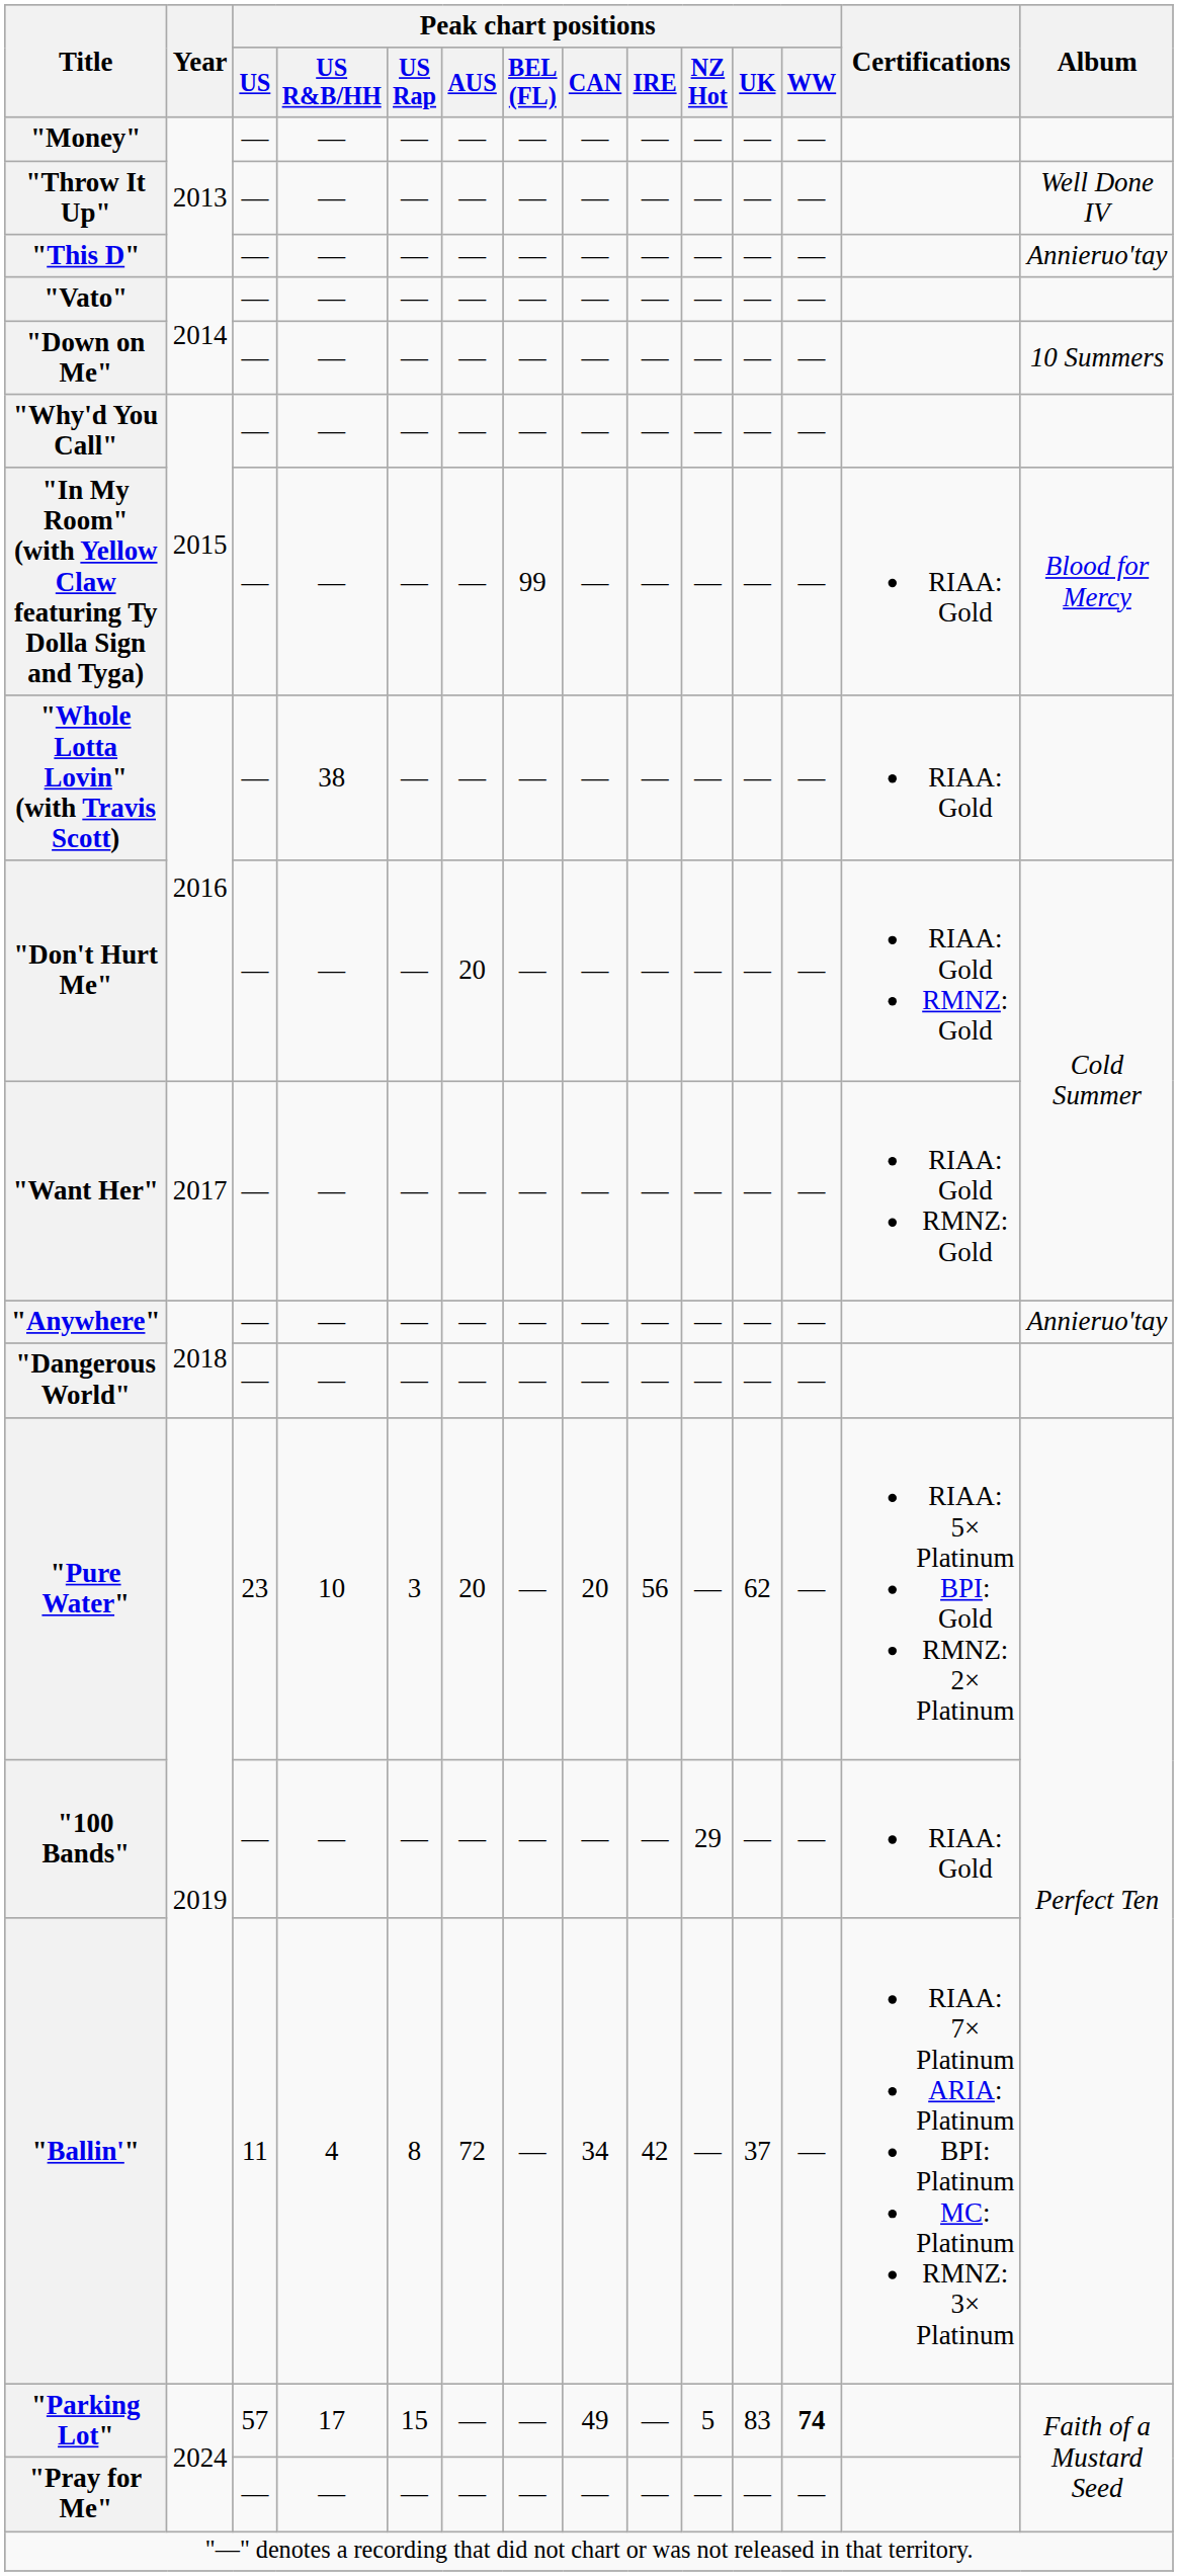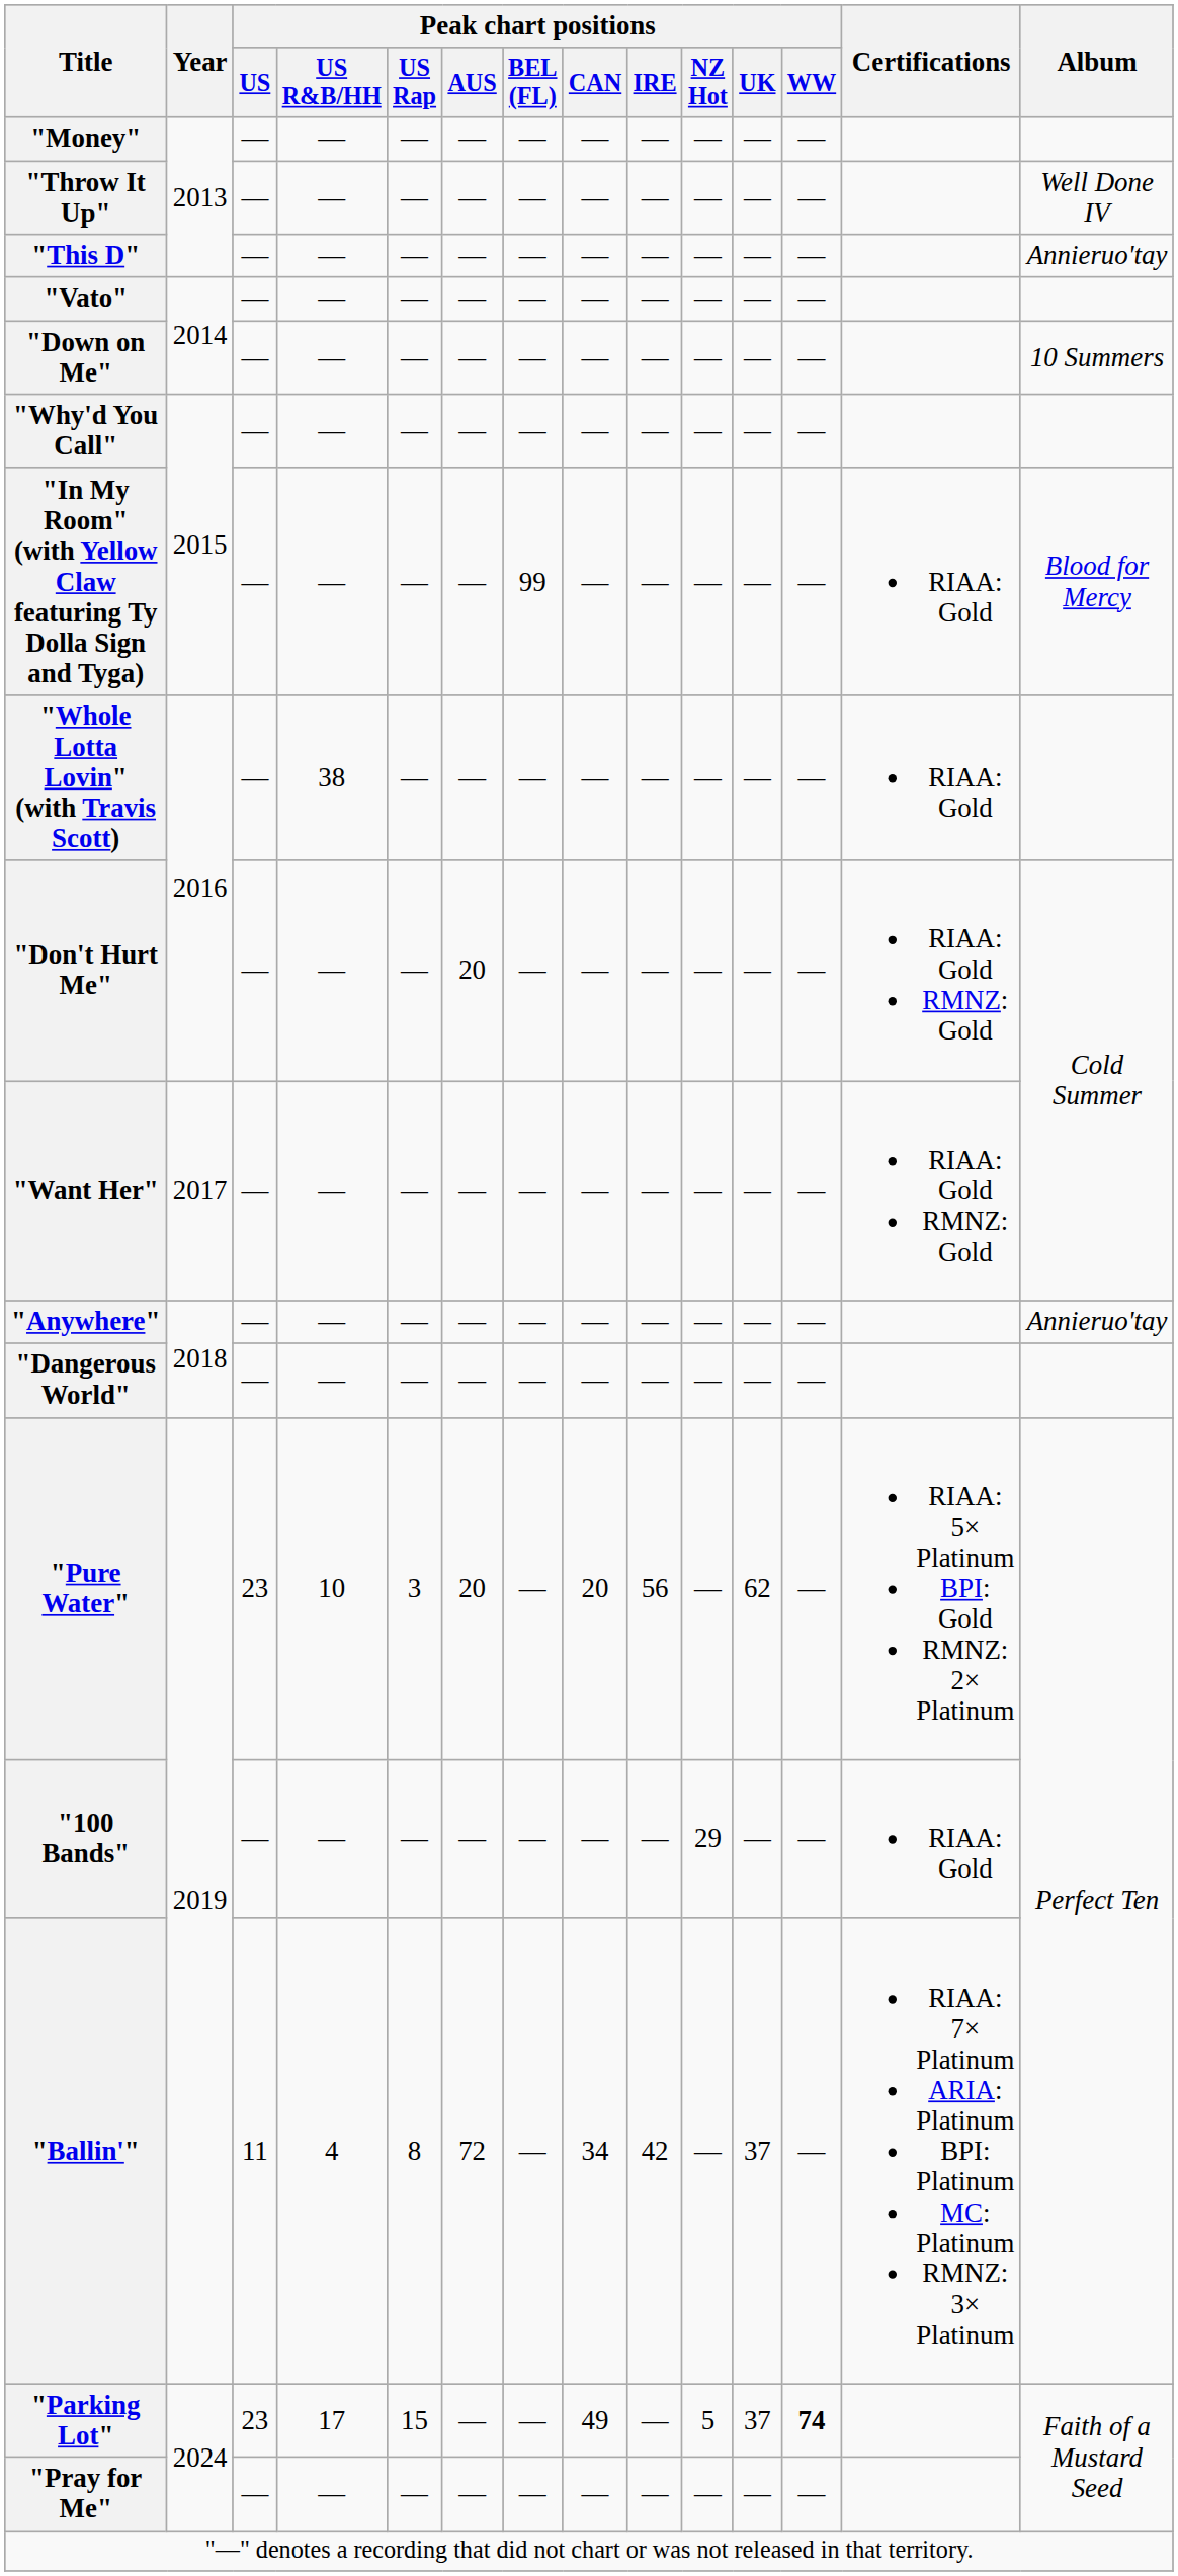 <table class="wikitable plainrowheaders" style="text-align:center;">
 <tr>
 <th scope="col" rowspan="2" style="width:25em;">Title</th>
 <th scope="col" rowspan="2">Year</th>
 <th scope="col" colspan="10">Peak chart positions</th>
 <th scope="col" rowspan="2">Certifications</th>
 <th scope="col" rowspan="2">Album</th>
 </tr>
 <tr>
 <th scope="col" style="width:3em;font-size:90%;"><a href='#'>US</a><br></th>
 <th scope="col" style="width:3em;font-size:90%;"><a href='#'>US<br>R&B/HH</a><br></th>
 <th scope="col" style="width:3em;font-size:90%;"><a href='#'>US Rap</a><br></th>
 <th scope="col" style="width:3em;font-size:90%;"><a href='#'>AUS</a><br></th>
 <th scope="col" style="width:3em;font-size:90%;"><a href='#'>BEL<br>(FL)</a><br></th>
 <th scope="col" style="width:3em;font-size:90%;"><a href='#'>CAN</a><br></th>
 <th scope="col" style="width:3em;font-size:90%;"><a href='#'>IRE</a><br></th>
 <th scope="col" style="width:3em;font-size:90%;"><a href='#'>NZ<br>Hot</a><br></th>
 <th scope="col" style="width:3em;font-size:90%;"><a href='#'>UK</a><br></th>
 <th scope="col" style="width:3em;font-size:90%;"><a href='#'>WW</a><br></th>
 </tr>
 <tr>
 <th scope="row">"Money"<br></th>
 <td rowspan="3">2013</td>
 <td>—</td>
 <td>—</td>
 <td>—</td>
 <td>—</td>
 <td>—</td>
 <td>—</td>
 <td>—</td>
 <td>—</td>
 <td>—</td>
 <td>—</td>
 <td></td>
 <td></td>
 </tr>
 <tr>
 <th scope="row">"Throw It Up"<br></th>
 <td>—</td>
 <td>—</td>
 <td>—</td>
 <td>—</td>
 <td>—</td>
 <td>—</td>
 <td>—</td>
 <td>—</td>
 <td>—</td>
 <td>—</td>
 <td></td>
 <td><em>Well Done IV</em></td>
 </tr>
 <tr>
 <th scope="row">"<a href='#'>This D</a>"<br></th>
 <td>—</td>
 <td>—</td>
 <td>—</td>
 <td>—</td>
 <td>—</td>
 <td>—</td>
 <td>—</td>
 <td>—</td>
 <td>—</td>
 <td>—</td>
 <td></td>
 <td><em>Annieruo'tay</em></td>
 </tr>
 <tr>
 <th scope="row">"Vato"<br></th>
 <td rowspan="2">2014</td>
 <td>—</td>
 <td>—</td>
 <td>—</td>
 <td>—</td>
 <td>—</td>
 <td>—</td>
 <td>—</td>
 <td>—</td>
 <td>—</td>
 <td>—</td>
 <td></td>
 <td></td>
 </tr>
 <tr>
 <th scope="row">"Down on Me"<br></th>
 <td>—</td>
 <td>—</td>
 <td>—</td>
 <td>—</td>
 <td>—</td>
 <td>—</td>
 <td>—</td>
 <td>—</td>
 <td>—</td>
 <td>—</td>
 <td></td>
 <td><em>10 Summers</em></td>
 </tr>
 <tr>
 <th scope="row">"Why'd You Call"<br></th>
 <td rowspan="2">2015</td>
 <td>—</td>
 <td>—</td>
 <td>—</td>
 <td>—</td>
 <td>—</td>
 <td>—</td>
 <td>—</td>
 <td>—</td>
 <td>—</td>
 <td>—</td>
 <td></td>
 <td></td>
 </tr>
 <tr>
 <th scope="row">"In My Room"<br><span>(with <a href='#'>Yellow Claw</a> featuring Ty Dolla Sign and Tyga)</span></th>
 <td>—</td>
 <td>—</td>
 <td>—</td>
 <td>—</td>
 <td>99</td>
 <td>—</td>
 <td>—</td>
 <td>—</td>
 <td>—</td>
 <td>—</td>
 <td><br><ul><li>RIAA: Gold</li></ul></td>
 <td><em><a href='#'>Blood for Mercy</a></em></td>
 </tr>
 <tr>
 <th scope="row">"<a href='#'>Whole Lotta Lovin</a>"<br><span>(with <a href='#'>Travis Scott</a>)</span></th>
 <td rowspan="2">2016</td>
 <td>—</td>
 <td>38</td>
 <td>—</td>
 <td>—</td>
 <td>—</td>
 <td>—</td>
 <td>—</td>
 <td>—</td>
 <td>—</td>
 <td>—</td>
 <td><br><ul><li>RIAA: Gold</li></ul></td>
 <td></td>
 </tr>
 <tr>
 <th scope="row">"Don't Hurt Me"<br></th>
 <td>—</td>
 <td>—</td>
 <td>—</td>
 <td>20</td>
 <td>—</td>
 <td>—</td>
 <td>—</td>
 <td>—</td>
 <td>—</td>
 <td>—</td>
 <td><br><ul><li>RIAA: Gold</li><li><a href='#'>RMNZ</a>: Gold</li></ul></td>
 <td rowspan="2"><em>Cold Summer</em></td>
 </tr>
 <tr>
 <th scope="row">"Want Her" <br></th>
 <td>2017</td>
 <td>—</td>
 <td>—</td>
 <td>—</td>
 <td>—</td>
 <td>—</td>
 <td>—</td>
 <td>—</td>
 <td>—</td>
 <td>—</td>
 <td>—</td>
 <td><br><ul><li>RIAA: Gold</li><li>RMNZ: Gold</li></ul></td>
 </tr>
 <tr>
 <th scope="row">"<a href='#'>Anywhere</a>" <br></th>
 <td rowspan="2">2018</td>
 <td>—</td>
 <td>—</td>
 <td>—</td>
 <td>—</td>
 <td>—</td>
 <td>—</td>
 <td>—</td>
 <td>—</td>
 <td>—</td>
 <td>—</td>
 <td></td>
 <td><em>Annieruo'tay</em></td>
 </tr>
 <tr>
 <th scope="row">"Dangerous World" <br></th>
 <td>—</td>
 <td>—</td>
 <td>—</td>
 <td>—</td>
 <td>—</td>
 <td>—</td>
 <td>—</td>
 <td>—</td>
 <td>—</td>
 <td>—</td>
 <td></td>
 </tr>
 <tr>
 <th scope="row">"<a href='#'>Pure Water</a>" <br></th>
 <td rowspan="3">2019</td>
 <td>23</td>
 <td>10</td>
 <td>3</td>
 <td>20</td>
 <td>—</td>
 <td>20</td>
 <td>56</td>
 <td>—</td>
 <td>62</td>
 <td>—</td>
 <td><br><ul><li>RIAA: 5× Platinum</li><li><a href='#'>BPI</a>: Gold</li><li>RMNZ: 2× Platinum</li></ul></td>
 <td rowspan="3"><em>Perfect Ten</em></td>
 </tr>
 <tr>
 <th scope="row">"100 Bands"<br></th>
 <td>—</td>
 <td>—</td>
 <td>—</td>
 <td>—</td>
 <td>—</td>
 <td>—</td>
 <td>—</td>
 <td>29</td>
 <td>—</td>
 <td>—</td>
 <td><br><ul><li>RIAA: Gold</li></ul></td>
 </tr>
 <tr>
 <th scope="row">"<a href='#'>Ballin'</a>"<br></th>
 <td>11</td>
 <td>4</td>
 <td>8</td>
 <td>72</td>
 <td>—</td>
 <td>34</td>
 <td>42</td>
 <td>—</td>
 <td>37</td>
 <td>—</td>
 <td><br><ul><li>RIAA: 7× Platinum</li><li><a href='#'>ARIA</a>: Platinum</li><li>BPI: Platinum</li><li><a href='#'>MC</a>: Platinum</li><li>RMNZ: 3× Platinum</li></ul></td>
 </tr>
 <tr>
 <th scope="row">"<a href='#'>Parking Lot</a>"<br></th>
 <td rowspan="2">2024</td>
-<td>57</td>
+<td>23</td>
 <td>17</td>
 <td>15</td>
 <td>—</td>
 <td>—</td>
 <td>49</td>
 <td>—</td>
 <td>5</td>
-<td>83</td>
+<td>37</td>
 <td><strong>74</strong></td>
 <td></td>
 <td rowspan="2"><em>Faith of a Mustard Seed</em></td>
 </tr>
 <tr>
 <th scope="row">"Pray for Me"</th>
 <td>—</td>
 <td>—</td>
 <td>—</td>
 <td>—</td>
 <td>—</td>
 <td>—</td>
 <td>—</td>
 <td>—</td>
 <td>—</td>
 <td>—</td>
 <td></td>
 </tr>
 <tr>
 <td colspan="15" style="font-size:90%">"—" denotes a recording that did not chart or was not released in that territory.</td>
 </tr>
 </table>
